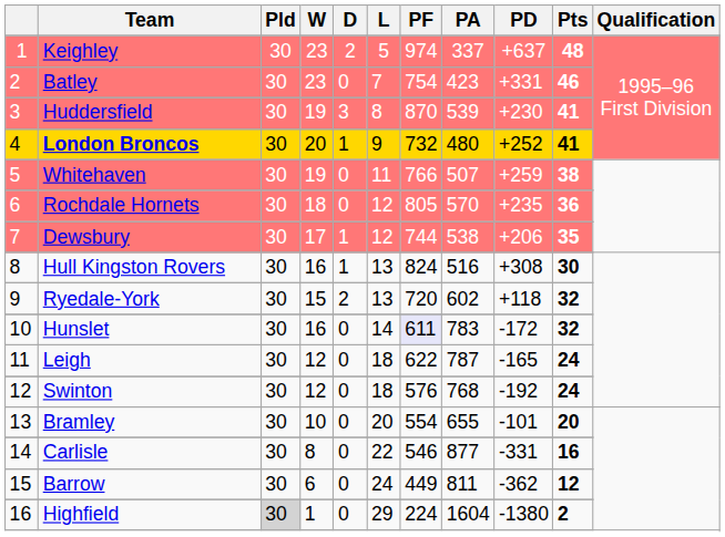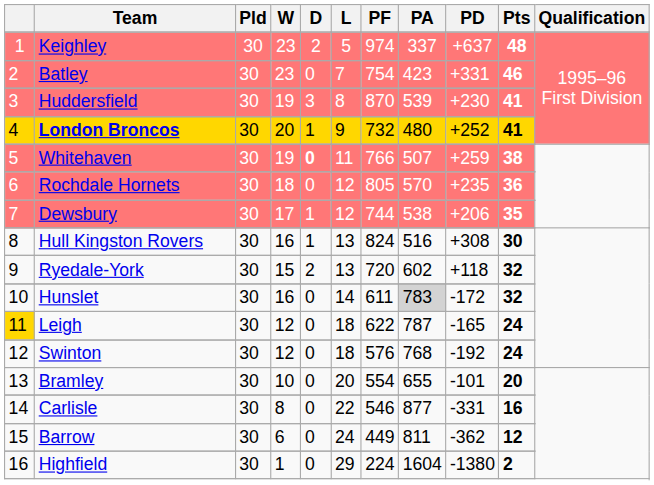 <table class="wikitable" style="text-align:center;">
 <tr>
 <th width=20 abbr="Position"></th>
 <th width=175>Team</th>
 <th width=20 abbr="Played">Pld</th>
 <th width=20 abbr="Won">W</th>
 <th width=20 abbr="Drawn">D</th>
 <th width=20 abbr="Lost">L</th>
 <th width=20 abbr="Points for">PF</th>
 <th width=20 abbr="Points against">PA</th>
 <th width=40 abbr="Points difference">PD</th>
 <th width=20 abbr="Points">Pts</th>
 <th width=20 abbr="Points">Qualification</th>
 </tr>
 <tr>
 </tr>
 <tr |- align=center style="background:#ff7777;color:white">
 <td>1</td>
 <td style="text-align:left;"><a href='#'>Keighley</a></td>
 <td>30</td>
 <td>23</td>
 <td>2</td>
 <td>5</td>
 <td>974</td>
 <td>337</td>
 <td>+637</td>
 <td><strong>48</strong></td>
 <td rowspan=7>1995–96 First Division</td>
 </tr>
 <tr>
 </tr>
 <tr align=left style="background:#ff7777;color:white">
 <td>2</td>
 <td style="text-align:left;"><a href='#'>Batley</a></td>
 <td>30</td>
 <td>23</td>
 <td>0</td>
 <td>7</td>
 <td>754</td>
 <td>423</td>
 <td>+331</td>
 <td><strong>46</strong></td>
 </tr>
 <tr>
 </tr>
 <tr align=left style="background:#ff7777;color:white">
 <td>3</td>
 <td style="text-align:left;"><a href='#'>Huddersfield</a></td>
 <td>30</td>
 <td>19</td>
 <td>3</td>
 <td>8</td>
 <td>870</td>
 <td>539</td>
 <td>+230</td>
 <td><strong>41</strong></td>
 </tr>
 <tr>
 </tr>
 <tr align=left style="background:#FFD700;">
 <td>4</td>
 <td style="text-align:left;"><strong><a href='#'>London Broncos</a></strong></td>
 <td>30</td>
 <td>20</td>
 <td>1</td>
 <td>9</td>
 <td>732</td>
 <td>480</td>
 <td>+252</td>
 <td><strong>41</strong></td>
 </tr>
 <tr>
 </tr>
 <tr align=left style="background:#ff7777;color:white">
 <td>5</td>
 <td style="text-align:left;"><a href='#'>Whitehaven</a></td>
 <td>30</td>
 <td>19</td>
-<td>0</td>
+<td><strong>0</strong></td>
 <td>11</td>
 <td>766</td>
 <td>507</td>
 <td>+259</td>
 <td><strong>38</strong></td>
 </tr>
 <tr>
 </tr>
 <tr align=left style="background:#ff7777;color:white">
 <td>6</td>
 <td style="text-align:left;"><a href='#'>Rochdale Hornets</a></td>
 <td>30</td>
 <td>18</td>
 <td>0</td>
 <td>12</td>
 <td>805</td>
 <td>570</td>
 <td>+235</td>
 <td><strong>36</strong></td>
 </tr>
 <tr>
 </tr>
 <tr align=left style="background:#ff7777;color:white">
 <td>7</td>
 <td style="text-align:left;"><a href='#'>Dewsbury</a></td>
 <td>30</td>
 <td>17</td>
 <td>1</td>
 <td>12</td>
 <td>744</td>
 <td>538</td>
 <td>+206</td>
 <td><strong>35</strong></td>
 </tr>
 <tr>
 </tr>
 <tr align=left>
 <td>8</td>
 <td style="text-align:left;"><a href='#'>Hull Kingston Rovers</a></td>
 <td>30</td>
 <td>16</td>
 <td>1</td>
 <td>13</td>
 <td>824</td>
 <td>516</td>
 <td>+308</td>
 <td><strong>30</strong></td>
 <td rowspan=9></td>
 </tr>
 <tr>
 </tr>
 <tr align=left>
 <td>9</td>
 <td style="text-align:left;"><a href='#'>Ryedale-York</a></td>
 <td>30</td>
 <td>15</td>
 <td>2</td>
 <td>13</td>
 <td>720</td>
 <td>602</td>
 <td>+118</td>
 <td><strong>32</strong></td>
 </tr>
 <tr>
 </tr>
 <tr align=left>
 <td>10</td>
 <td style="text-align:left;"><a href='#'>Hunslet</a></td>
 <td>30</td>
 <td>16</td>
 <td>0</td>
 <td>14</td>
-<td style="background: lavender;">611</td>
-<td>783</td>
+<td>611</td>
+<td style="background: lightgrey;">783</td>
 <td>-172</td>
 <td><strong>32</strong></td>
 </tr>
 <tr>
 </tr>
 <tr align=left>
-<td>11</td>
+<td style="background: gold;">11</td>
 <td style="text-align:left;"><a href='#'>Leigh</a></td>
 <td>30</td>
 <td>12</td>
 <td>0</td>
 <td>18</td>
 <td>622</td>
 <td>787</td>
 <td>-165</td>
 <td><strong>24</strong></td>
 </tr>
 <tr>
 </tr>
 <tr align=left>
 <td>12</td>
 <td style="text-align:left;"><a href='#'>Swinton</a></td>
 <td>30</td>
 <td>12</td>
 <td>0</td>
 <td>18</td>
 <td>576</td>
 <td>768</td>
 <td>-192</td>
 <td><strong>24</strong></td>
 </tr>
 <tr>
 </tr>
 <tr align=left>
 <td>13</td>
 <td style="text-align:left;"><a href='#'>Bramley</a></td>
 <td>30</td>
 <td>10</td>
 <td>0</td>
 <td>20</td>
 <td>554</td>
 <td>655</td>
 <td>-101</td>
 <td><strong>20</strong></td>
 </tr>
 <tr>
 </tr>
 <tr align=left>
 <td>14</td>
 <td style="text-align:left;"><a href='#'>Carlisle</a></td>
 <td>30</td>
 <td>8</td>
 <td>0</td>
 <td>22</td>
 <td>546</td>
 <td>877</td>
 <td>-331</td>
 <td><strong>16</strong></td>
 </tr>
 <tr>
 </tr>
 <tr align=left>
 <td>15</td>
 <td style="text-align:left;"><a href='#'>Barrow</a></td>
 <td>30</td>
 <td>6</td>
 <td>0</td>
 <td>24</td>
 <td>449</td>
 <td>811</td>
 <td>-362</td>
 <td><strong>12</strong></td>
 </tr>
 <tr>
 </tr>
 <tr align=left>
 <td>16</td>
 <td style="text-align:left;"><a href='#'>Highfield</a></td>
-<td style="background: lightgrey;">30</td>
+<td>30</td>
 <td>1</td>
 <td>0</td>
 <td>29</td>
 <td>224</td>
 <td>1604</td>
 <td>-1380</td>
 <td><strong>2</strong></td>
 </tr>
 <tr>
 </tr>
 </table>
